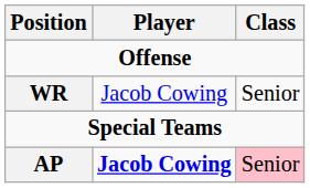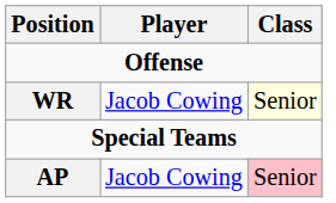 <table class="wikitable">
 <tr>
 <th>Position</th>
 <th>Player</th>
 <th>Class</th>
 </tr>
 <tr>
 <td colspan="4" style="text-align:center; "><strong>Offense</strong></td>
 </tr>
 <tr style="text-align:center;">
 <th rowspan="1">WR</th>
 <td><a href='#'>Jacob Cowing</a></td>
-<td>Senior</td>
+<td style="background: lightyellow;">Senior</td>
 </tr>
 <tr>
 <td colspan="4" style="text-align:center; "><strong>Special Teams</strong></td>
 </tr>
 <tr style="text-align:center;">
 <th rowspan="1">AP</th>
-<td><strong><a href='#'>Jacob Cowing</a></strong></td>
+<td><a href='#'>Jacob Cowing</a></td>
 <td style="background: pink;">Senior</td>
 </tr>
 </table>
